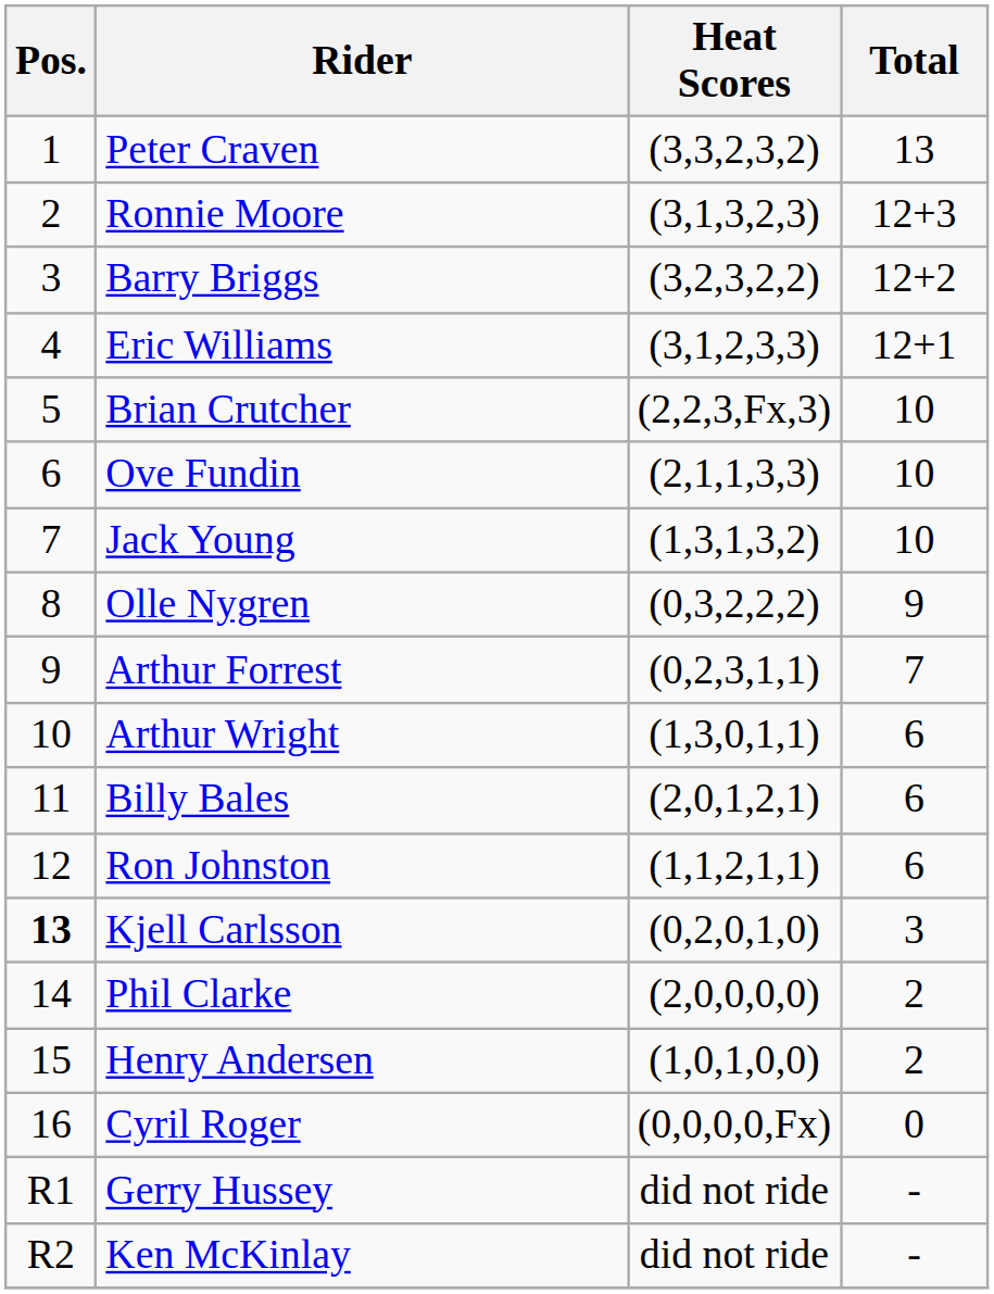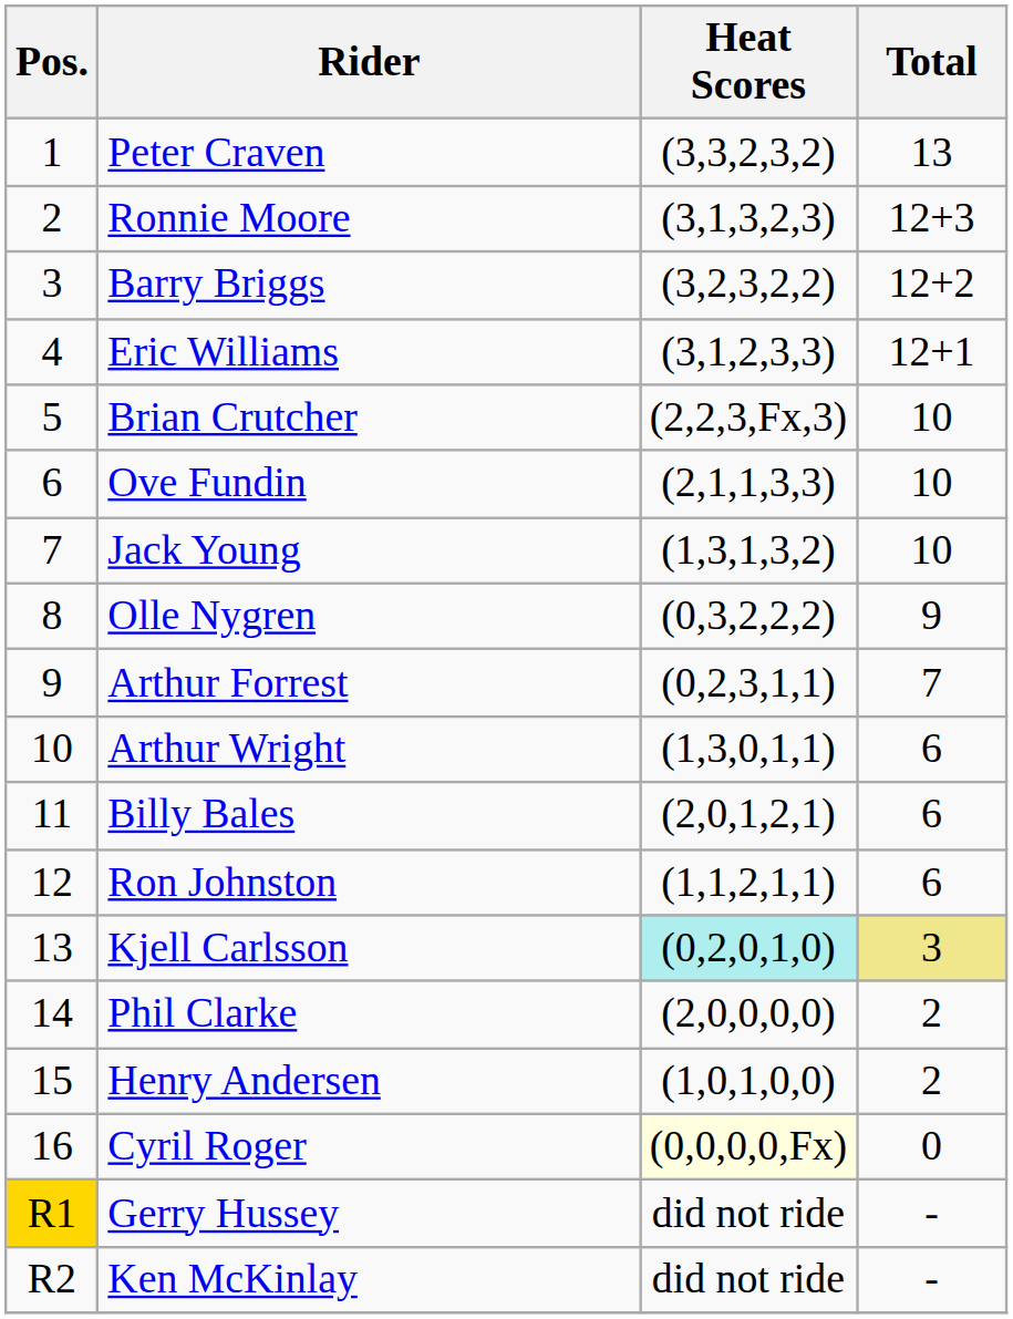 <table class="wikitable" style="text-align:center;">
 <tr>
 <th width=25px>Pos.</th>
 <th width=200px>Rider</th>
 <th width=70px>Heat Scores</th>
 <th width=50px>Total</th>
 </tr>
 <tr>
 <td>1</td>
 <td align=left> <a href='#'>Peter Craven</a></td>
 <td>(3,3,2,3,2)</td>
 <td>13</td>
 </tr>
 <tr>
 <td>2</td>
 <td align=left> <a href='#'>Ronnie Moore</a></td>
 <td>(3,1,3,2,3)</td>
 <td>12+3</td>
 </tr>
 <tr>
 <td>3</td>
 <td align=left> <a href='#'>Barry Briggs</a></td>
 <td>(3,2,3,2,2)</td>
 <td>12+2</td>
 </tr>
 <tr>
 <td>4</td>
 <td align=left> <a href='#'>Eric Williams</a></td>
 <td>(3,1,2,3,3)</td>
 <td>12+1</td>
 </tr>
 <tr>
 <td>5</td>
 <td align=left> <a href='#'>Brian Crutcher</a></td>
 <td>(2,2,3,Fx,3)</td>
 <td>10</td>
 </tr>
 <tr>
 <td>6</td>
 <td align=left> <a href='#'>Ove Fundin</a></td>
 <td>(2,1,1,3,3)</td>
 <td>10</td>
 </tr>
 <tr>
 <td>7</td>
 <td align=left> <a href='#'>Jack Young</a></td>
 <td>(1,3,1,3,2)</td>
 <td>10</td>
 </tr>
 <tr>
 <td>8</td>
 <td align=left> <a href='#'>Olle Nygren</a></td>
 <td>(0,3,2,2,2)</td>
 <td>9</td>
 </tr>
 <tr>
 <td>9</td>
 <td align=left> <a href='#'>Arthur Forrest</a></td>
 <td>(0,2,3,1,1)</td>
 <td>7</td>
 </tr>
 <tr>
 <td>10</td>
 <td align=left> <a href='#'>Arthur Wright</a></td>
 <td>(1,3,0,1,1)</td>
 <td>6</td>
 </tr>
 <tr>
 <td>11</td>
 <td align=left> <a href='#'>Billy Bales</a></td>
 <td>(2,0,1,2,1)</td>
 <td>6</td>
 </tr>
 <tr>
 <td>12</td>
 <td align=left> <a href='#'>Ron Johnston</a></td>
 <td>(1,1,2,1,1)</td>
 <td>6</td>
 </tr>
 <tr>
-<td><strong>13</strong></td>
+<td>13</td>
 <td align=left> <a href='#'>Kjell Carlsson</a></td>
-<td>(0,2,0,1,0)</td>
-<td>3</td>
+<td style="background: paleturquoise;">(0,2,0,1,0)</td>
+<td style="background: khaki;">3</td>
 </tr>
 <tr>
 <td>14</td>
 <td align=left> <a href='#'>Phil Clarke</a></td>
 <td>(2,0,0,0,0)</td>
 <td>2</td>
 </tr>
 <tr>
 <td>15</td>
 <td align=left> <a href='#'>Henry Andersen</a></td>
 <td>(1,0,1,0,0)</td>
 <td>2</td>
 </tr>
 <tr>
 <td>16</td>
 <td align=left> <a href='#'>Cyril Roger</a></td>
-<td>(0,0,0,0,Fx)</td>
+<td style="background: lightyellow;">(0,0,0,0,Fx)</td>
 <td>0</td>
 </tr>
 <tr>
-<td>R1</td>
+<td style="background: gold;">R1</td>
 <td align=left> <a href='#'>Gerry Hussey</a></td>
 <td>did not ride</td>
 <td>-</td>
 </tr>
 <tr>
 <td>R2</td>
 <td align=left> <a href='#'>Ken McKinlay</a></td>
 <td>did not ride</td>
 <td>-</td>
 </tr>
 <tr>
 </tr>
 </table>
